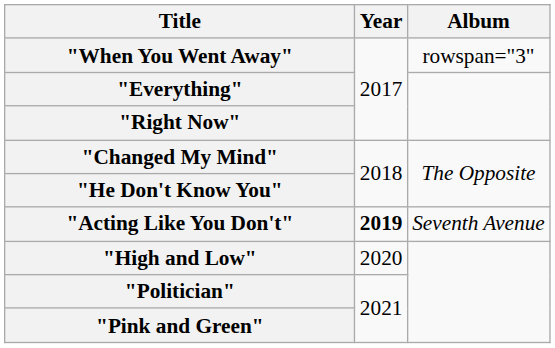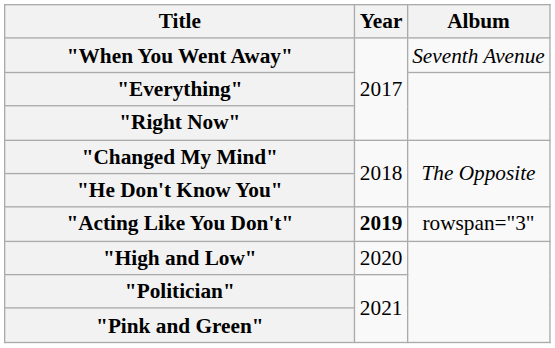 <table class="wikitable plainrowheaders" style="text-align:center">
 <tr>
 <th scope="col" style="width:16em;">Title</th>
 <th scope="col">Year</th>
 <th scope="col">Album</th>
 </tr>
 <tr>
 <th scope="row">"When You Went Away"</th>
 <td rowspan="3">2017</td>
-<td>rowspan="3" </td>
+<td><em>Seventh Avenue</em></td>
 </tr>
 <tr>
 <th scope="row">"Everything"</th>
 </tr>
 <tr>
 <th scope="row">"Right Now"</th>
 </tr>
 <tr>
 <th scope="row">"Changed My Mind"</th>
 <td rowspan="2">2018</td>
 <td rowspan="2"><em>The Opposite</em></td>
 </tr>
 <tr>
 <th scope="row">"He Don't Know You"</th>
 </tr>
 <tr>
 <th scope="row">"Acting Like You Don't"</th>
 <td><strong>2019</strong></td>
-<td><em>Seventh Avenue</em></td>
+<td>rowspan="3" </td>
 </tr>
 <tr>
 <th scope="row">"High and Low"</th>
 <td>2020</td>
 <td rowspan="3"></td>
 </tr>
 <tr>
 <th scope="row">"Politician"</th>
 <td rowspan="2">2021</td>
 </tr>
 <tr>
 <th scope="row">"Pink and Green"</th>
 </tr>
 </table>
